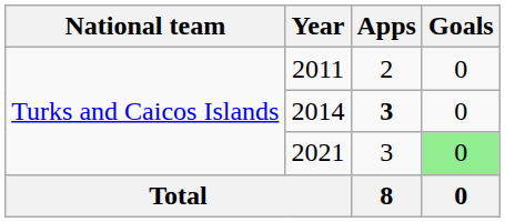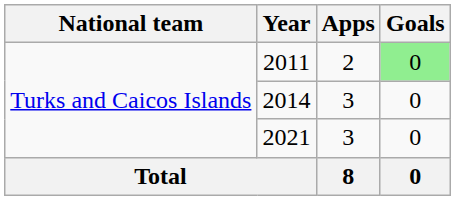 <table class="wikitable" style="text-align:center">
 <tr>
 <th>National team</th>
 <th>Year</th>
 <th>Apps</th>
 <th>Goals</th>
 </tr>
 <tr>
 <td rowspan="3"><a href='#'>Turks and Caicos Islands</a></td>
 <td>2011</td>
 <td>2</td>
-<td>0</td>
+<td style="background: lightgreen;">0</td>
 </tr>
 <tr>
 <td>2014</td>
-<td><strong>3</strong></td>
+<td>3</td>
 <td>0</td>
 </tr>
 <tr>
 <td>2021</td>
 <td>3</td>
-<td style="background: lightgreen;">0</td>
+<td>0</td>
 </tr>
 <tr>
 <th colspan=2>Total</th>
 <th>8</th>
 <th>0</th>
 </tr>
 </table>
